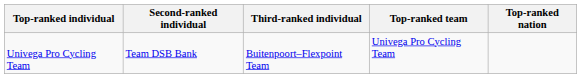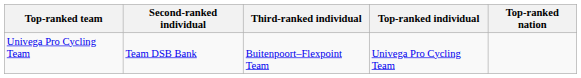 <table class="wikitable">
 <tr>
-<th>Top-ranked individual</th>
+<th>Top-ranked team</th>
 <th>Second-ranked individual</th>
 <th>Third-ranked individual</th>
-<th>Top-ranked team</th>
+<th>Top-ranked individual</th>
 <th>Top-ranked nation</th>
 </tr>
 <tr valign="top">
-<td align=left><br><span><a href='#'>Univega Pro Cycling Team</a></span></td>
+<td><a href='#'>Univega Pro Cycling Team</a></td>
 <td align=left><br><span><a href='#'>Team DSB Bank</a></span></td>
 <td align=left><br><span><a href='#'>Buitenpoort–Flexpoint Team</a></span></td>
-<td><a href='#'>Univega Pro Cycling Team</a></td>
+<td align=left><br><span><a href='#'>Univega Pro Cycling Team</a></span></td>
 <td></td>
 </tr>
 </table>
